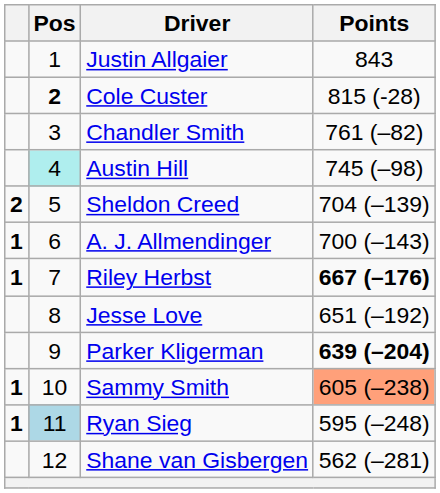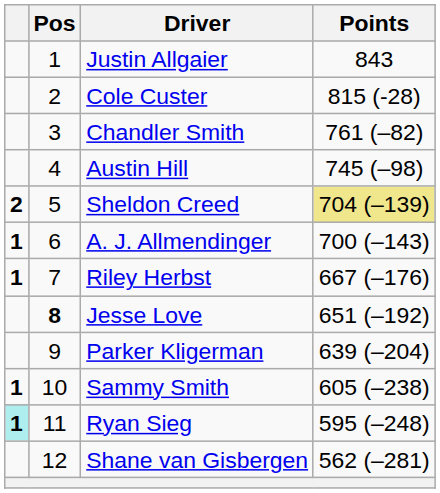 <table class="wikitable" style="font-size: 95%;">
 <tr>
 <th></th>
 <th>Pos</th>
 <th>Driver</th>
 <th>Points</th>
 </tr>
 <tr>
 <td align="left"></td>
 <td style="text-align:center;">1</td>
 <td><a href='#'>Justin Allgaier</a></td>
 <td style="text-align:center;">843</td>
 </tr>
 <tr>
 <td align="left"></td>
-<td style="text-align:center;"><strong>2</strong></td>
+<td style="text-align:center;">2</td>
 <td><a href='#'>Cole Custer</a></td>
 <td style="text-align:center;">815 (-28)</td>
 </tr>
 <tr>
 <td align="left"></td>
 <td style="text-align:center;">3</td>
 <td><a href='#'>Chandler Smith</a></td>
 <td style="text-align:center;">761 (–82)</td>
 </tr>
 <tr>
 <td align="left"></td>
-<td style="background: paleturquoise; text-align:center;">4</td>
+<td style="text-align:center;">4</td>
 <td><a href='#'>Austin Hill</a></td>
 <td style="text-align:center;">745 (–98)</td>
 </tr>
 <tr>
 <td align="left"> <strong>2</strong></td>
 <td style="text-align:center;">5</td>
 <td><a href='#'>Sheldon Creed</a></td>
-<td style="text-align:center;">704 (–139)</td>
+<td style="background: khaki; text-align:center;">704 (–139)</td>
 </tr>
 <tr>
 <td align="left"> <strong>1</strong></td>
 <td style="text-align:center;">6</td>
 <td><a href='#'>A. J. Allmendinger</a></td>
 <td style="text-align:center;">700 (–143)</td>
 </tr>
 <tr>
 <td align="left"> <strong>1</strong></td>
 <td style="text-align:center;">7</td>
 <td><a href='#'>Riley Herbst</a></td>
-<td style="text-align:center;"><strong>667 (–176)</strong></td>
+<td style="text-align:center;">667 (–176)</td>
 </tr>
 <tr>
 <td align="left"></td>
-<td style="text-align:center;">8</td>
+<td style="text-align:center;"><strong>8</strong></td>
 <td><a href='#'>Jesse Love</a></td>
 <td style="text-align:center;">651 (–192)</td>
 </tr>
 <tr>
 <td align="left"></td>
 <td style="text-align:center;">9</td>
 <td><a href='#'>Parker Kligerman</a></td>
-<td style="text-align:center;"><strong>639 (–204)</strong></td>
+<td style="text-align:center;">639 (–204)</td>
 </tr>
 <tr>
 <td align="left"> <strong>1</strong></td>
 <td style="text-align:center;">10</td>
 <td><a href='#'>Sammy Smith</a></td>
-<td style="background: lightsalmon; text-align:center;">605 (–238)</td>
+<td style="text-align:center;">605 (–238)</td>
 </tr>
 <tr>
-<td align="left"> <strong>1</strong></td>
-<td style="background: lightblue; text-align:center;">11</td>
+<td align="left" style="background: paleturquoise;"> <strong>1</strong></td>
+<td style="text-align:center;">11</td>
 <td><a href='#'>Ryan Sieg</a></td>
 <td style="text-align:center;">595 (–248)</td>
 </tr>
 <tr>
 <td align="left"></td>
 <td style="text-align:center;">12</td>
 <td><a href='#'>Shane van Gisbergen</a></td>
 <td style="text-align:center;">562 (–281)</td>
 </tr>
 <tr class="sortbottom">
 <th colspan="9"></th>
 </tr>
 </table>
